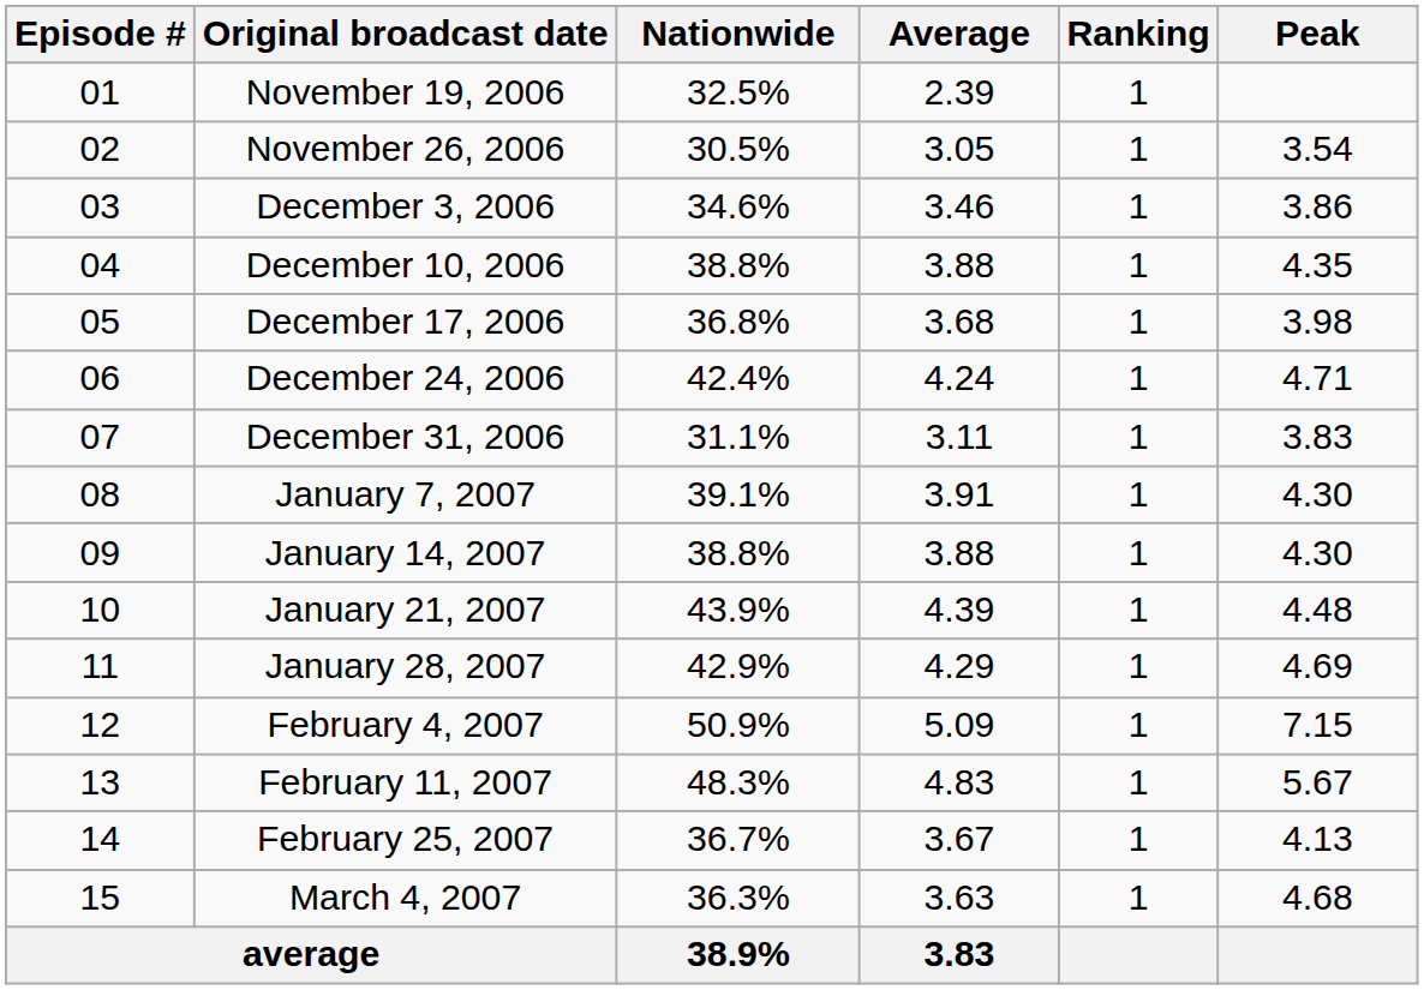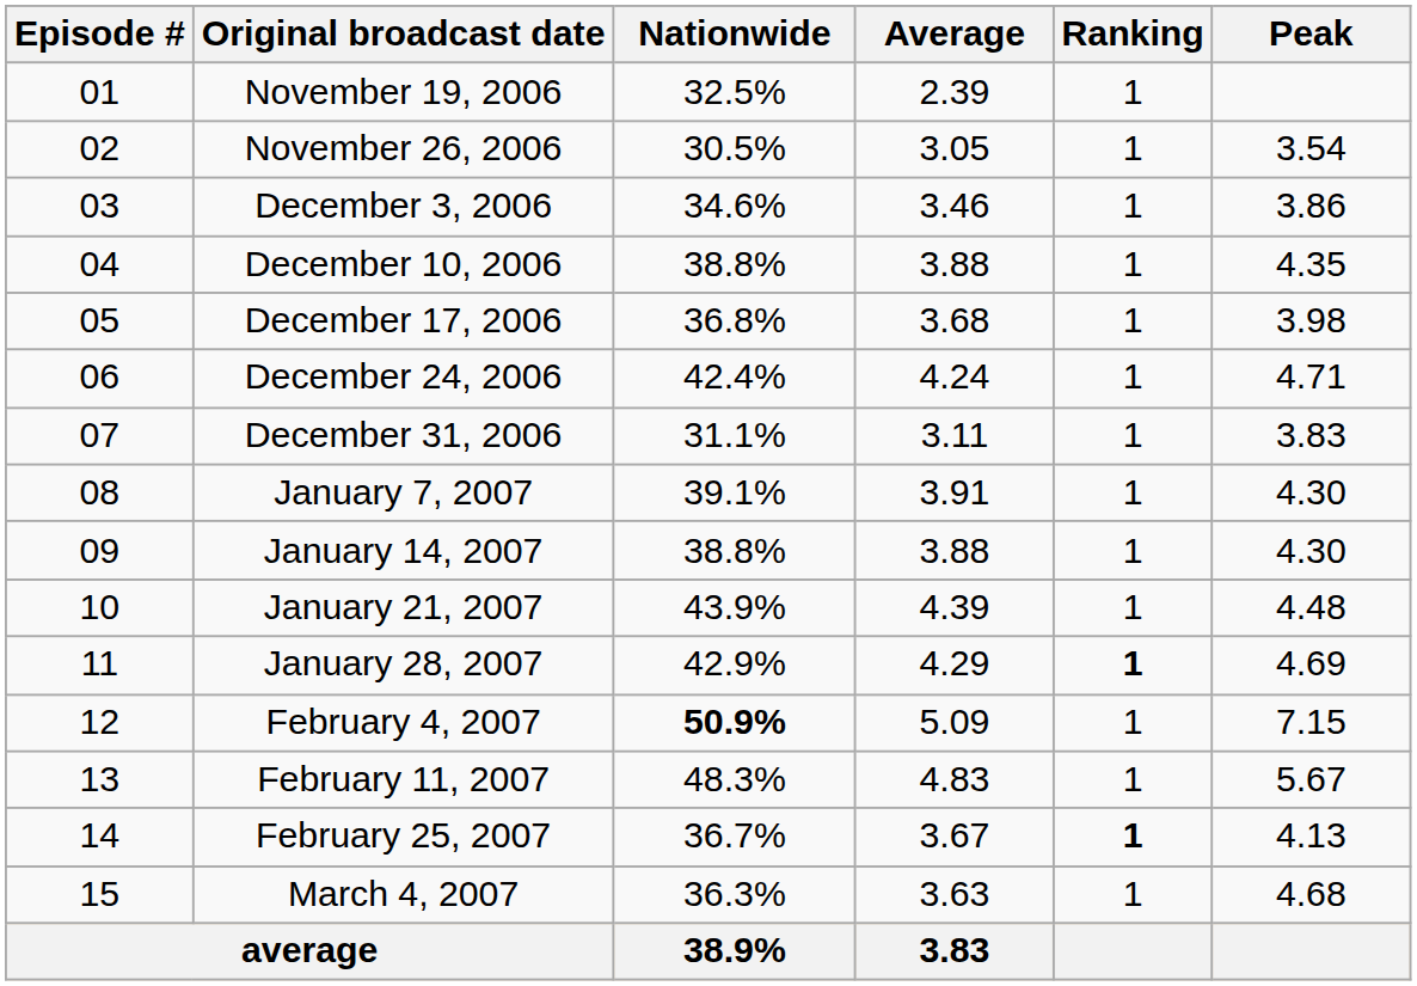 <table class="wikitable" style="text-align:center">
 <tr>
 <th>Episode #</th>
 <th>Original broadcast date</th>
 <th width=100>Nationwide</th>
 <th width=80>Average</th>
 <th>Ranking</th>
 <th width=80>Peak</th>
 </tr>
 <tr>
 <td>01</td>
 <td>November 19, 2006</td>
 <td>32.5%</td>
 <td><span>2.39</span></td>
 <td>1</td>
 <td></td>
 </tr>
 <tr>
 <td>02</td>
 <td>November 26, 2006</td>
 <td><span>30.5%</span></td>
 <td>3.05</td>
 <td>1</td>
 <td>3.54</td>
 </tr>
 <tr>
 <td>03</td>
 <td>December 3, 2006</td>
 <td>34.6%</td>
 <td>3.46</td>
 <td>1</td>
 <td>3.86</td>
 </tr>
 <tr>
 <td>04</td>
 <td>December 10, 2006</td>
 <td>38.8%</td>
 <td>3.88</td>
 <td>1</td>
 <td>4.35</td>
 </tr>
 <tr>
 <td>05</td>
 <td>December 17, 2006</td>
 <td>36.8%</td>
 <td>3.68</td>
 <td>1</td>
 <td>3.98</td>
 </tr>
 <tr>
 <td>06</td>
 <td>December 24, 2006</td>
 <td>42.4%</td>
 <td>4.24</td>
 <td>1</td>
 <td>4.71</td>
 </tr>
 <tr>
 <td>07</td>
 <td>December 31, 2006</td>
 <td>31.1%</td>
 <td>3.11</td>
 <td>1</td>
 <td>3.83</td>
 </tr>
 <tr>
 <td>08</td>
 <td>January 7, 2007</td>
 <td>39.1%</td>
 <td>3.91</td>
 <td>1</td>
 <td>4.30</td>
 </tr>
 <tr>
 <td>09</td>
 <td>January 14, 2007</td>
 <td>38.8%</td>
 <td>3.88</td>
 <td>1</td>
 <td>4.30</td>
 </tr>
 <tr>
 <td>10</td>
 <td>January 21, 2007</td>
 <td>43.9%</td>
 <td>4.39</td>
 <td>1</td>
 <td>4.48</td>
 </tr>
 <tr>
 <td>11</td>
 <td>January 28, 2007</td>
 <td>42.9%</td>
 <td>4.29</td>
-<td>1</td>
+<td><strong>1</strong></td>
 <td>4.69</td>
 </tr>
 <tr>
 <td>12</td>
 <td>February 4, 2007</td>
-<td><span>50.9%</span></td>
+<td><strong><span>50.9%</span></strong></td>
 <td><span>5.09</span></td>
 <td>1</td>
 <td>7.15</td>
 </tr>
 <tr>
 <td>13</td>
 <td>February 11, 2007</td>
 <td>48.3%</td>
 <td>4.83</td>
 <td>1</td>
 <td>5.67</td>
 </tr>
 <tr>
 <td>14</td>
 <td>February 25, 2007</td>
 <td>36.7%</td>
 <td>3.67</td>
-<td>1</td>
+<td><strong>1</strong></td>
 <td>4.13</td>
 </tr>
 <tr>
 <td>15</td>
 <td>March 4, 2007</td>
 <td>36.3%</td>
 <td>3.63</td>
 <td>1</td>
 <td>4.68</td>
 </tr>
 <tr style="background:#ffdead;">
 <th colspan="2">average</th>
 <th>38.9%</th>
 <th>3.83</th>
 <th></th>
 <th></th>
 </tr>
 </table>
